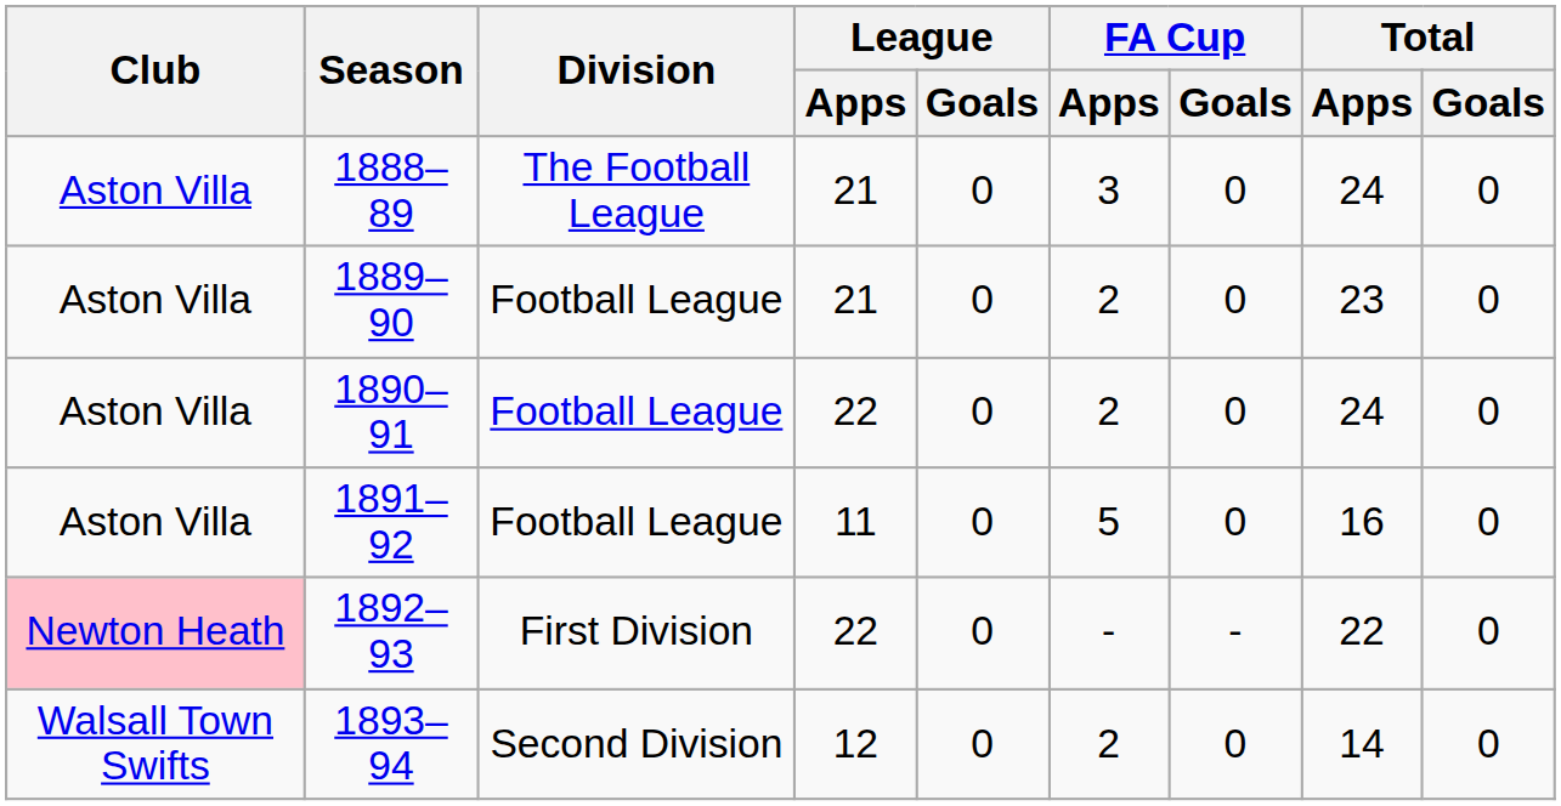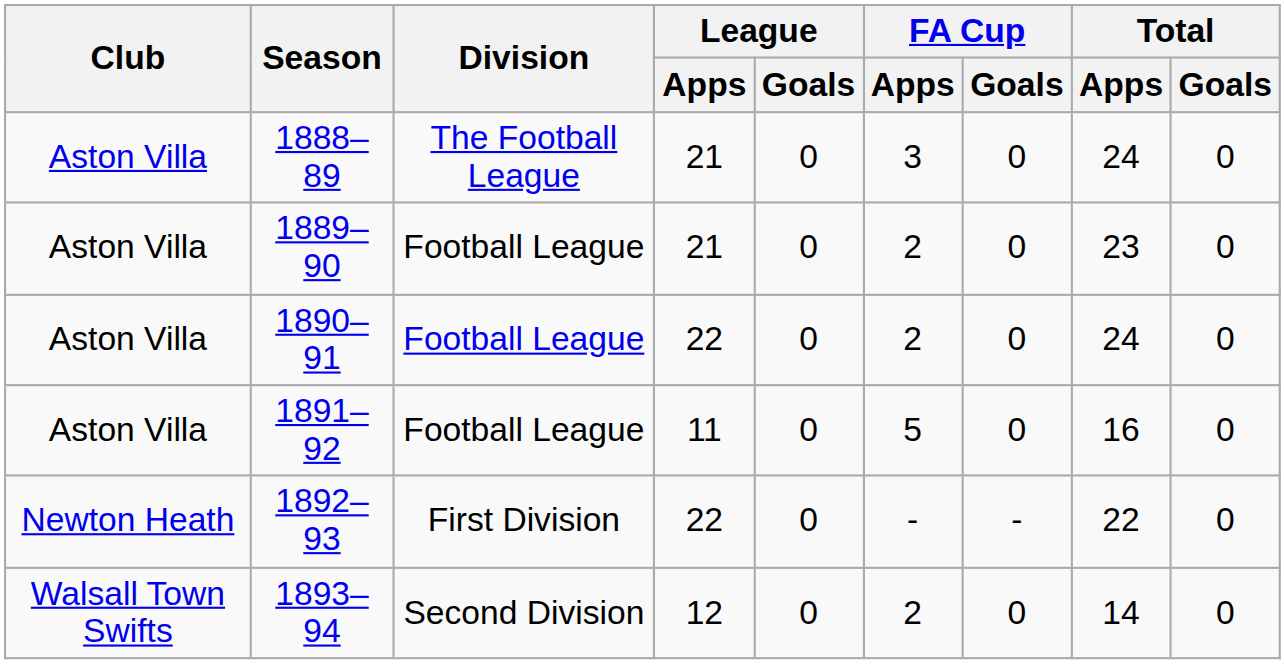 <table class="wikitable" style="text-align:center;">
 <tr>
 <th rowspan="2">Club</th>
 <th rowspan="2">Season</th>
 <th rowspan="2">Division</th>
 <th colspan="2">League</th>
 <th colspan="2"><a href='#'>FA Cup</a></th>
 <th colspan="2">Total</th>
 </tr>
 <tr>
 <th>Apps</th>
 <th>Goals</th>
 <th>Apps</th>
 <th>Goals</th>
 <th>Apps</th>
 <th>Goals</th>
 </tr>
 <tr>
 <td><a href='#'>Aston Villa</a></td>
 <td><a href='#'>1888–89</a></td>
 <td><a href='#'>The Football League</a></td>
 <td>21</td>
 <td>0</td>
 <td>3</td>
 <td>0</td>
 <td>24</td>
 <td>0</td>
 </tr>
 <tr>
 <td>Aston Villa</td>
 <td><a href='#'>1889–90</a></td>
 <td>Football League</td>
 <td>21</td>
 <td>0</td>
 <td>2</td>
 <td>0</td>
 <td>23</td>
 <td>0</td>
 </tr>
 <tr>
 <td>Aston Villa</td>
 <td><a href='#'>1890–91</a></td>
 <td><a href='#'>Football League</a></td>
 <td>22</td>
 <td>0</td>
 <td>2</td>
 <td>0</td>
 <td>24</td>
 <td>0</td>
 </tr>
 <tr>
 <td>Aston Villa</td>
 <td><a href='#'>1891–92</a></td>
 <td>Football League</td>
 <td>11</td>
 <td>0</td>
 <td>5</td>
 <td>0</td>
 <td>16</td>
 <td>0</td>
 </tr>
 <tr>
-<td style="background: pink;"><a href='#'>Newton Heath</a></td>
+<td><a href='#'>Newton Heath</a></td>
 <td><a href='#'>1892–93</a></td>
 <td>First Division</td>
 <td>22</td>
 <td>0</td>
 <td>-</td>
 <td>-</td>
 <td>22</td>
 <td>0</td>
 </tr>
 <tr>
 <td><a href='#'>Walsall Town Swifts</a></td>
 <td><a href='#'>1893–94</a></td>
 <td>Second Division</td>
 <td>12</td>
 <td>0</td>
 <td>2</td>
 <td>0</td>
 <td>14</td>
 <td>0</td>
 </tr>
 </table>
